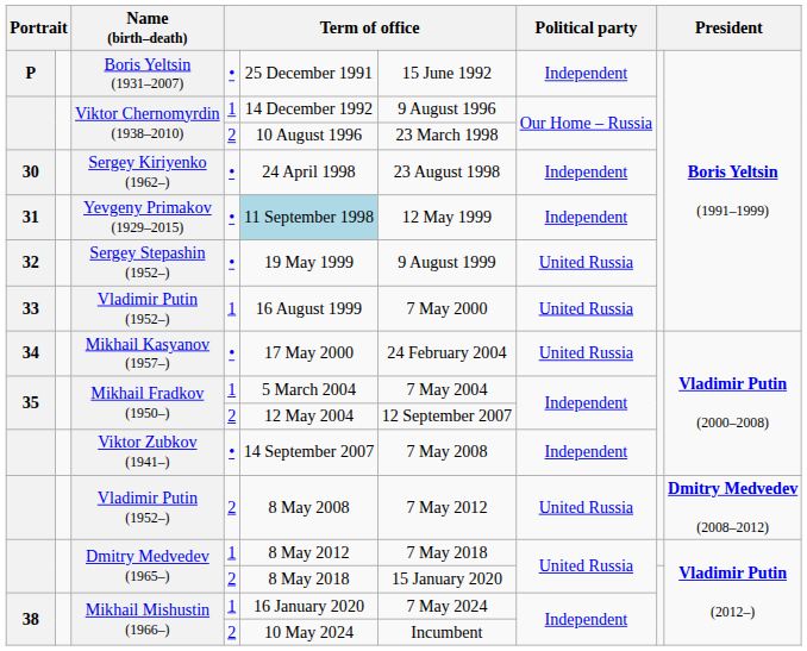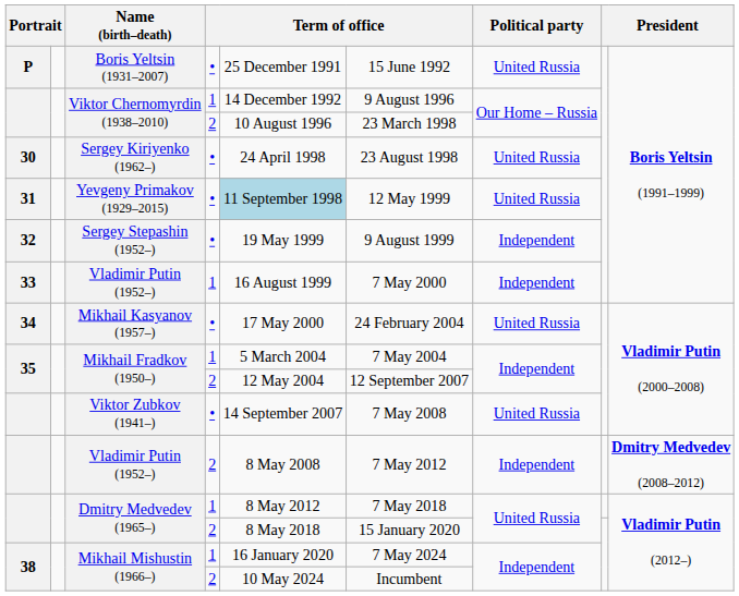 <table class="wikitable" style="margin:1em auto; text-align:center;">
 <tr>
 <th colspan=2>Portrait</th>
 <th>Name<br><small>(birth–death)</small></th>
 <th colspan=3>Term of office</th>
 <th>Political party</th>
 <th colspan=2>President</th>
 </tr>
 <tr>
 <th align=center style="background: ">P</th>
 <td></td>
 <th scope="row" style="font-weight:normal;"><a href='#'>Boris Yeltsin</a><br><small>(1931–2007)</small></th>
 <td><a href='#'>•</a></td>
 <td>25 December 1991</td>
 <td>15 June 1992</td>
-<td><a href='#'>Independent</a></td>
+<td><a href='#'>United Russia</a></td>
 <td rowspan=7 align=center style="background: "></td>
 <td rowspan=7><strong><a href='#'>Boris Yeltsin</a></strong><br><br><small>(1991–1999)</small></td>
 </tr>
 <tr>
 <th rowspan=2 align=center style="background: "></th>
 <td rowspan=2></td>
 <th scope="row" style="font-weight:normal;" rowspan=2><a href='#'>Viktor Chernomyrdin</a><br><small>(1938–2010)</small></th>
 <td><a href='#'>1</a></td>
 <td>14 December 1992</td>
 <td>9 August 1996</td>
 <td rowspan=2><a href='#'>Our Home – Russia</a></td>
 </tr>
 <tr>
 <td><a href='#'>2</a></td>
 <td>10 August 1996</td>
 <td>23 March 1998</td>
 </tr>
 <tr>
 <th align=center style="background: ">30</th>
 <td></td>
 <th scope="row" style="font-weight:normal;"><a href='#'>Sergey Kiriyenko</a><br><small>(1962–)</small></th>
 <td><a href='#'>•</a></td>
 <td>24 April 1998</td>
 <td>23 August 1998</td>
-<td><a href='#'>Independent</a></td>
+<td><a href='#'>United Russia</a></td>
 </tr>
 <tr>
 <th align=center style="background: ">31</th>
 <td></td>
 <th scope="row" style="font-weight:normal;"><a href='#'>Yevgeny Primakov</a><br><small>(1929–2015)</small></th>
 <td><a href='#'>•</a></td>
 <td style="background: lightblue;">11 September 1998</td>
 <td>12 May 1999</td>
-<td><a href='#'>Independent</a></td>
+<td><a href='#'>United Russia</a></td>
 </tr>
 <tr>
 <th align=center style="background: ">32</th>
 <td></td>
 <th scope="row" style="font-weight:normal;"><a href='#'>Sergey Stepashin</a><br><small>(1952–)</small></th>
 <td><a href='#'>•</a></td>
 <td>19 May 1999</td>
 <td>9 August 1999</td>
-<td><a href='#'>United Russia</a></td>
+<td><a href='#'>Independent</a></td>
 </tr>
 <tr>
 <th align=center style="background: ">33</th>
 <td></td>
 <th scope="row" style="font-weight:normal;"><a href='#'>Vladimir Putin</a><br><small>(1952–)</small></th>
 <td><a href='#'>1</a></td>
 <td>16 August 1999</td>
 <td>7 May 2000</td>
-<td><a href='#'>United Russia</a></td>
+<td><a href='#'>Independent</a></td>
 </tr>
 <tr>
 <th align=center style="background: ">34</th>
 <td></td>
 <th scope="row" style="font-weight:normal;"><a href='#'>Mikhail Kasyanov</a><br><small>(1957–)</small></th>
 <td><a href='#'>•</a></td>
 <td>17 May 2000</td>
 <td>24 February 2004</td>
 <td><a href='#'>United Russia</a></td>
 <td rowspan=4 align=center style="background: "></td>
 <td rowspan=4><strong><a href='#'>Vladimir Putin</a></strong><br><br><small>(2000–2008)</small><br></td>
 </tr>
 <tr>
 <th rowspan=2 align=center style="background: ">35</th>
 <td rowspan=2></td>
 <th rowspan=2 scope="row" style="font-weight:normal;"><a href='#'>Mikhail Fradkov</a><br><small>(1950–)</small></th>
 <td><a href='#'>1</a></td>
 <td>5 March 2004</td>
 <td>7 May 2004</td>
 <td rowspan=2><a href='#'>Independent</a></td>
 </tr>
 <tr>
 <td><a href='#'>2</a></td>
 <td>12 May 2004</td>
 <td>12 September 2007</td>
 </tr>
 <tr>
 <th align=center style="background: "></th>
 <td></td>
 <th scope="row" style="font-weight:normal;"><a href='#'>Viktor Zubkov</a><br><small>(1941–)</small></th>
 <td><a href='#'>•</a></td>
 <td>14 September 2007</td>
 <td>7 May 2008</td>
-<td><a href='#'>Independent</a></td>
+<td><a href='#'>United Russia</a></td>
 </tr>
 <tr>
 <th align=center style="background: "></th>
 <td></td>
 <th scope="row" style="font-weight:normal;"><a href='#'>Vladimir Putin</a><br><small>(1952–)</small></th>
 <td><a href='#'>2</a></td>
 <td>8 May 2008</td>
 <td>7 May 2012</td>
-<td><a href='#'>United Russia</a></td>
+<td><a href='#'>Independent</a></td>
 <td align=center style="background: "></td>
 <td><strong><a href='#'>Dmitry Medvedev</a></strong><br><br><small>(2008–2012)</small></td>
 </tr>
 <tr>
 <th rowspan=2 align=center style="background: "></th>
 <td rowspan=2></td>
 <th rowspan=2 scope="row" style="font-weight:normal;"><a href='#'>Dmitry Medvedev</a><br><small>(1965–)</small></th>
 <td><a href='#'>1</a></td>
 <td>8 May 2012</td>
 <td>7 May 2018</td>
 <td rowspan=2><a href='#'>United Russia</a></td>
 <td align=center style="background: "></td>
 <td rowspan=4><strong><a href='#'>Vladimir Putin</a></strong><br><br><small>(2012–)</small></td>
 </tr>
 <tr>
 <td><a href='#'>2</a></td>
 <td>8 May 2018</td>
 <td>15 January 2020</td>
 <td rowspan=3 align=center style="background: "></td>
 </tr>
 <tr>
 <th rowspan=2 align=center style="background: ">38</th>
 <td rowspan=2></td>
 <th rowspan=2 scope="row" style="font-weight:normal;"><a href='#'>Mikhail Mishustin</a><br><small>(1966–)</small></th>
 <td><a href='#'>1</a></td>
 <td>16 January 2020</td>
 <td>7 May 2024</td>
 <td rowspan=2><a href='#'>Independent</a></td>
 </tr>
 <tr>
 <td><a href='#'>2</a></td>
 <td>10 May 2024</td>
 <td>Incumbent</td>
 </tr>
 </table>
